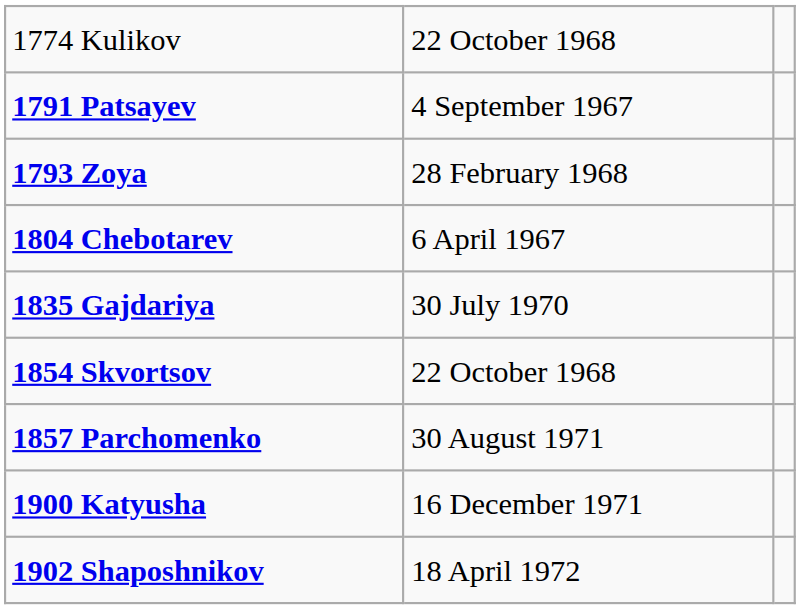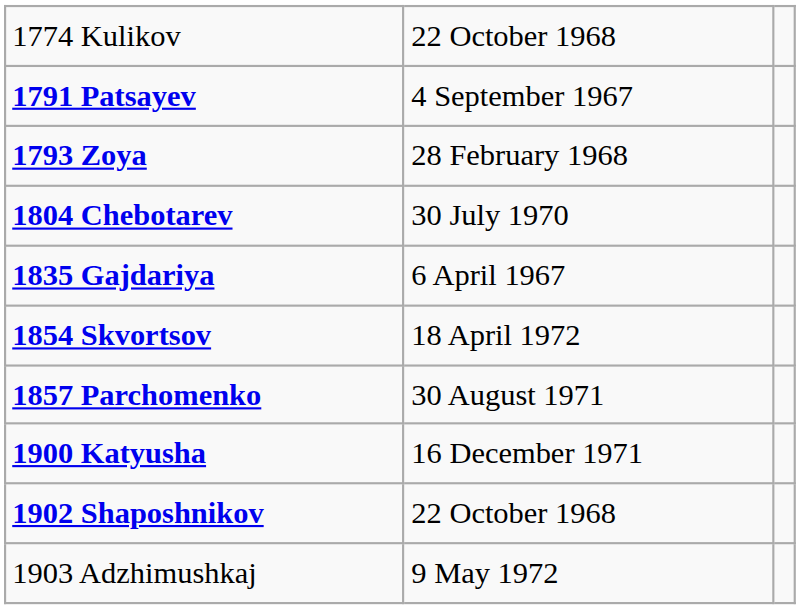 <table class="wikitable" style="font-size: 89%; float: left; width: 26em; margin-right: 1em; height: 280px;">
 <tr>
 <td>1774 Kulikov</td>
 <td>22 October 1968</td>
 <td></td>
 </tr>
 <tr>
 <td><strong><a href='#'>1791 Patsayev</a></strong></td>
 <td>4 September 1967</td>
 <td></td>
 </tr>
 <tr>
 <td><strong><a href='#'>1793 Zoya</a></strong></td>
 <td>28 February 1968</td>
 <td></td>
 </tr>
 <tr>
 <td><strong><a href='#'>1804 Chebotarev</a></strong></td>
+<td>30 July 1970</td>
+<td></td>
+</tr>
+<tr>
+<td><strong><a href='#'>1835 Gajdariya</a></strong></td>
 <td>6 April 1967</td>
 <td></td>
 </tr>
 <tr>
-<td><strong><a href='#'>1835 Gajdariya</a></strong></td>
-<td>30 July 1970</td>
-<td></td>
-</tr>
-<tr>
 <td><strong><a href='#'>1854 Skvortsov</a></strong></td>
-<td>22 October 1968</td>
+<td>18 April 1972</td>
 <td></td>
 </tr>
 <tr>
 <td><strong><a href='#'>1857 Parchomenko</a></strong></td>
 <td>30 August 1971</td>
 <td></td>
 </tr>
 <tr>
 <td><strong><a href='#'>1900 Katyusha</a></strong></td>
 <td>16 December 1971</td>
 <td></td>
 </tr>
 <tr>
 <td><strong><a href='#'>1902 Shaposhnikov</a></strong></td>
-<td>18 April 1972</td>
+<td>22 October 1968</td>
+<td></td>
+</tr>
+<tr>
+<td>1903 Adzhimushkaj</td>
+<td>9 May 1972</td>
 <td></td>
 </tr>
 </table>
